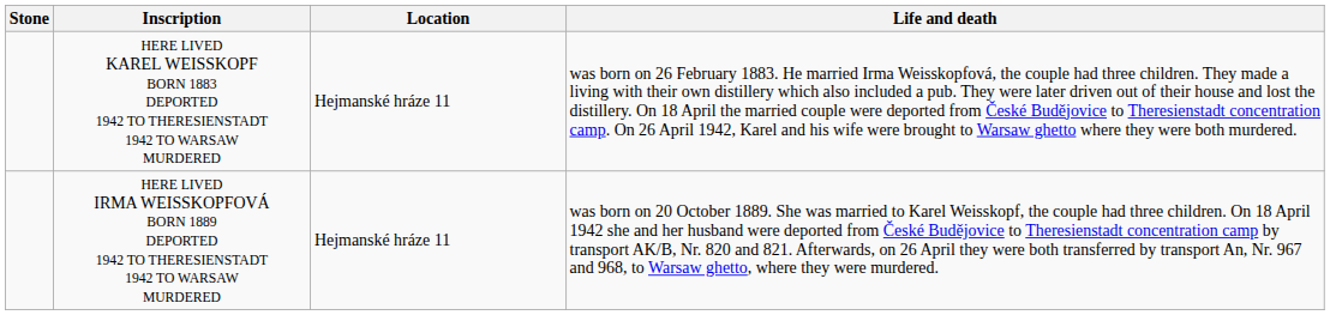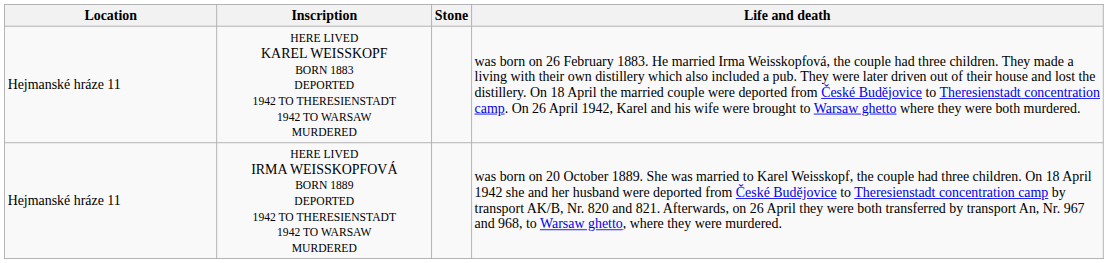 <table class="wikitable sortable toptextcells" style="width:100%">
 <tr>
+<th class="hintergrundfarbe6" data-sort-type="text" style ="width:20%;">Location</th>
+<th class="hintergrundfarbe6" style ="width:20%;">Inscription</th>
 <th class="hintergrundfarbe6 unsortable" width="120px">Stone</th>
-<th class="hintergrundfarbe6" style ="width:20%;">Inscription</th>
-<th class="hintergrundfarbe6" data-sort-type="text" style ="width:20%;">Location</th>
 <th class="hintergrundfarbe6 unsortable" style="width:100%;">Life and death</th>
 </tr>
 <tr>
+<td>Hejmanské hráze 11 <br></td>
+<td style="text-align:center"><div><small>HERE LIVED</small><br>KAREL WEISSKOPF<br><small>BORN 1883<br>DEPORTED<br>1942 TO THERESIENSTADT<br>1942 TO WARSAW<br>MURDERED</small></div></td>
 <td></td>
-<td style="text-align:center"><div><small>HERE LIVED</small><br>KAREL WEISSKOPF<br><small>BORN 1883<br>DEPORTED<br>1942 TO THERESIENSTADT<br>1942 TO WARSAW<br>MURDERED</small></div></td>
-<td>Hejmanské hráze 11 <br></td>
 <td><strong></strong> was born on 26 February 1883. He married Irma Weisskopfová, the couple had three children. They made a living with their own distillery which also included a pub. They were later driven out of their house and lost the distillery. On 18 April the married couple were deported from <a href='#'>České Budějovice</a> to <a href='#'>Theresienstadt concentration camp</a>. On 26 April 1942, Karel and his wife were brought to <a href='#'>Warsaw ghetto</a> where they were both murdered.</td>
 </tr>
 <tr>
+<td>Hejmanské hráze 11 <br></td>
+<td style="text-align:center"><div><small>HERE LIVED</small><br>IRMA WEISSKOPFOVÁ<br><small>BORN 1889<br>DEPORTED<br>1942 TO THERESIENSTADT<br>1942 TO WARSAW<br>MURDERED</small></div></td>
 <td></td>
-<td style="text-align:center"><div><small>HERE LIVED</small><br>IRMA WEISSKOPFOVÁ<br><small>BORN 1889<br>DEPORTED<br>1942 TO THERESIENSTADT<br>1942 TO WARSAW<br>MURDERED</small></div></td>
-<td>Hejmanské hráze 11 <br></td>
 <td><strong></strong> was born on 20 October 1889. She was married to Karel Weisskopf, the couple had three children. On 18 April 1942 she and her husband were deported from <a href='#'>České Budějovice</a> to <a href='#'>Theresienstadt concentration camp</a> by transport AK/B, Nr. 820 and 821. Afterwards, on 26 April they were both transferred by transport An, Nr. 967 and 968, to <a href='#'>Warsaw ghetto</a>, where they were murdered.</td>
 </tr>
 </table>
